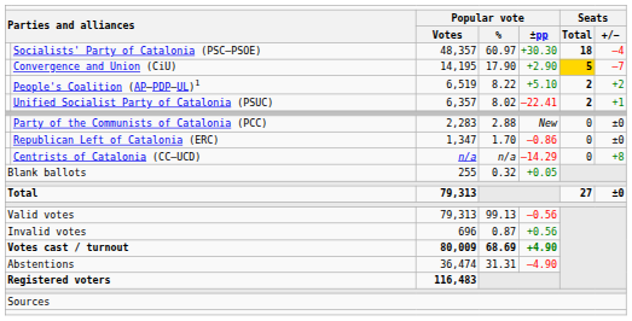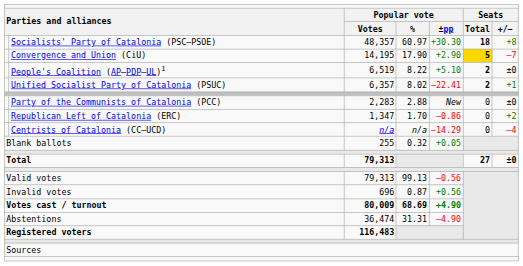 <table class="wikitable" style="text-align:right;">
 <tr>
 <td colspan="7"></td>
 </tr>
 <tr>
 <th style="text-align:left;" rowspan="2" colspan="2" width="525">Parties and alliances</th>
 <th colspan="3">Popular vote</th>
 <th colspan="2">Seats</th>
 </tr>
 <tr>
 <th width="75">Votes</th>
 <th width="45">%</th>
 <th width="45">±<a href='#'>pp</a></th>
 <th width="35">Total</th>
 <th width="35">+/−</th>
 </tr>
 <tr>
 <td width="1" style="color:inherit;background:"></td>
 <td align="left"><a href='#'>Socialists' Party of Catalonia</a> (PSC–PSOE)</td>
 <td>48,357</td>
 <td>60.97</td>
 <td style="color:green;">+30.30</td>
 <td><strong>18</strong></td>
-<td style="color:red;">–4</td>
+<td style="color:green;">+8</td>
 </tr>
 <tr>
 <td style="color:inherit;background:"></td>
 <td align="left"><a href='#'>Convergence and Union</a> (CiU)</td>
 <td>14,195</td>
 <td>17.90</td>
 <td style="color:green;">+2.90</td>
 <td style="background: gold;"><strong>5</strong></td>
 <td style="color:red;">–7</td>
 </tr>
 <tr>
 <td style="color:inherit;background:"></td>
 <td align="left"><a href='#'>People's Coalition</a> (<a href='#'>AP</a>–<a href='#'>PDP</a>–<a href='#'>UL</a>)<sup>1</sup></td>
 <td>6,519</td>
 <td>8.22</td>
 <td style="color:green;">+5.10</td>
 <td><strong>2</strong></td>
-<td style="color:green;">+2</td>
+<td>±0</td>
 </tr>
 <tr>
 <td style="color:inherit;background:"></td>
 <td align="left"><a href='#'>Unified Socialist Party of Catalonia</a> (PSUC)</td>
 <td>6,357</td>
 <td>8.02</td>
 <td style="color:red;">–22.41</td>
 <td><strong>2</strong></td>
 <td style="color:green;">+1</td>
 </tr>
 <tr>
 <td colspan="7" style="color:inherit;background:#C0C0C0"></td>
 </tr>
 <tr>
 <td style="color:inherit;background:"></td>
 <td align="left"><a href='#'>Party of the Communists of Catalonia</a> (PCC)</td>
 <td>2,283</td>
 <td>2.88</td>
 <td><em>New</em></td>
 <td>0</td>
 <td>±0</td>
 </tr>
 <tr>
 <td style="color:inherit;background:"></td>
 <td align="left"><a href='#'>Republican Left of Catalonia</a> (ERC)</td>
 <td>1,347</td>
 <td>1.70</td>
 <td style="color:red;">–0.86</td>
 <td>0</td>
-<td>±0</td>
+<td style="color:green;">+2</td>
 </tr>
 <tr>
 <td style="color:inherit;background:"></td>
 <td align="left"><a href='#'>Centrists of Catalonia</a> (CC–UCD)</td>
 <td><em><a href='#'>n/a</a></em></td>
 <td><em>n/a</em></td>
 <td style="color:red;">–14.29</td>
 <td>0</td>
-<td style="color:green;">+8</td>
+<td style="color:red;">–4</td>
 </tr>
 <tr>
 <td align="left" colspan="2">Blank ballots</td>
 <td>255</td>
 <td>0.32</td>
 <td style="color:green;">+0.05</td>
 <td style="color:inherit;background:#E9E9E9" colspan="2"></td>
 </tr>
 <tr>
 <td colspan="7" style="color:inherit;background:#E9E9E9"></td>
 </tr>
 <tr style="font-weight:bold;">
 <td align="left" colspan="2">Total</td>
 <td>79,313</td>
 <td bgcolor="#E9E9E9" colspan="2"></td>
 <td>27</td>
 <td>±0</td>
 </tr>
 <tr>
 <td colspan="7" style="color:inherit;background:#E9E9E9"></td>
 </tr>
 <tr>
 <td align="left" colspan="2">Valid votes</td>
 <td>79,313</td>
 <td>99.13</td>
 <td style="color:red;">–0.56</td>
 <td bgcolor="#E9E9E9" colspan="2" rowspan="5"></td>
 </tr>
 <tr>
 <td align="left" colspan="2">Invalid votes</td>
 <td>696</td>
 <td>0.87</td>
 <td style="color:green;">+0.56</td>
 </tr>
 <tr style="font-weight:bold;">
 <td align="left" colspan="2">Votes cast / turnout</td>
 <td>80,009</td>
 <td>68.69</td>
 <td style="color:green;">+4.90</td>
 </tr>
 <tr>
 <td align="left" colspan="2">Abstentions</td>
 <td>36,474</td>
 <td>31.31</td>
 <td style="color:red;">–4.90</td>
 </tr>
 <tr style="font-weight:bold;">
 <td align="left" colspan="2">Registered voters</td>
 <td>116,483</td>
 <td bgcolor="#E9E9E9" colspan="2"></td>
 </tr>
 <tr>
 <td colspan="7" style="color:inherit;background:#E9E9E9"></td>
 </tr>
 <tr>
 <td align="left" colspan="7">Sources</td>
 </tr>
 <tr>
 <td colspan="7" style="text-align:left; max-width:790px;"></td>
 </tr>
 </table>
